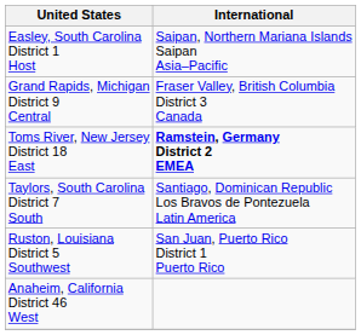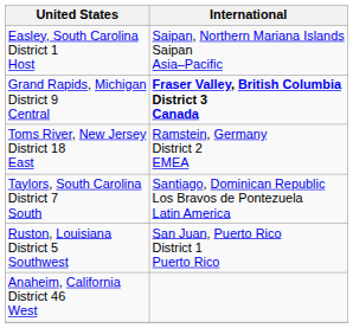 <table class="wikitable">
 <tr>
 <th>United States</th>
 <th>International</th>
 </tr>
 <tr>
 <td> <a href='#'>Easley, South Carolina</a><br>District 1<br><a href='#'>Host</a></td>
 <td> <a href='#'>Saipan</a>, <a href='#'>Northern Mariana Islands</a><br>Saipan<br><a href='#'>Asia–Pacific</a></td>
 </tr>
 <tr>
 <td> <a href='#'>Grand Rapids</a>, <a href='#'>Michigan</a><br>District 9<br><a href='#'>Central</a></td>
-<td> <a href='#'>Fraser Valley</a>, <a href='#'>British Columbia</a><br>District 3<br><a href='#'>Canada</a></td>
+<td><strong> <a href='#'>Fraser Valley</a>, <a href='#'>British Columbia</a><br>District 3<br><a href='#'>Canada</a></strong></td>
 </tr>
 <tr>
 <td> <a href='#'>Toms River</a>, <a href='#'>New Jersey</a><br>District 18<br><a href='#'>East</a></td>
-<td><strong> <a href='#'>Ramstein</a>, <a href='#'>Germany</a><br>District 2<br><a href='#'>EMEA</a></strong></td>
+<td> <a href='#'>Ramstein</a>, <a href='#'>Germany</a><br>District 2<br><a href='#'>EMEA</a></td>
 </tr>
 <tr>
 <td> <a href='#'>Taylors</a>, <a href='#'>South Carolina</a><br>District 7<br><a href='#'>South</a></td>
 <td> <a href='#'>Santiago</a>,  <a href='#'>Dominican Republic</a><br>Los Bravos de Pontezuela<br><a href='#'>Latin America</a></td>
 </tr>
 <tr>
 <td> <a href='#'>Ruston</a>, <a href='#'>Louisiana</a><br>District 5<br><a href='#'>Southwest</a></td>
 <td> <a href='#'>San Juan</a>,  <a href='#'>Puerto Rico</a><br>District 1<br><a href='#'>Puerto Rico</a></td>
 </tr>
 <tr>
 <td> <a href='#'>Anaheim</a>, <a href='#'>California</a><br>District 46<br><a href='#'>West</a></td>
 <td></td>
 </tr>
 <tr>
 </tr>
 </table>
